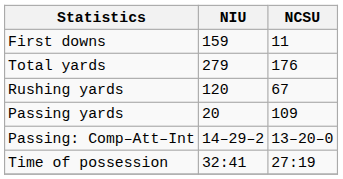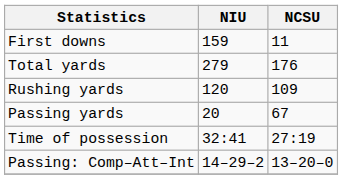 <table class="wikitable" style="float: left;">
 <tr>
 <th>Statistics</th>
 <th>NIU</th>
 <th>NCSU</th>
 </tr>
 <tr>
 <td>First downs</td>
 <td>159</td>
 <td>11</td>
 </tr>
 <tr>
 <td>Total yards</td>
 <td>279</td>
 <td>176</td>
 </tr>
 <tr>
 <td>Rushing yards</td>
 <td>120</td>
-<td>67</td>
+<td>109</td>
 </tr>
 <tr>
 <td>Passing yards</td>
 <td>20</td>
-<td>109</td>
+<td>67</td>
+</tr>
+<tr>
+<td>Time of possession</td>
+<td>32:41</td>
+<td>27:19</td>
 </tr>
 <tr>
 <td>Passing: Comp–Att–Int</td>
 <td>14–29–2</td>
 <td>13–20–0</td>
 </tr>
 <tr>
-<td>Time of possession</td>
-<td>32:41</td>
-<td>27:19</td>
-</tr>
-<tr>
 </tr>
 </table>
